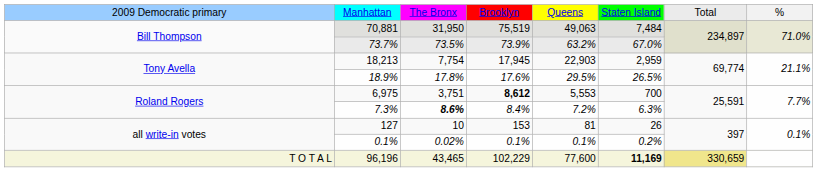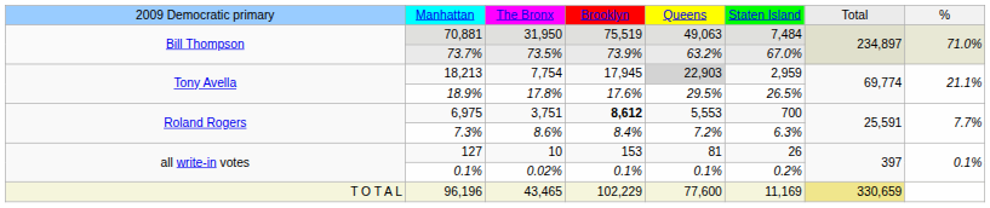 <table class="wikitable" style="width:100%; text-align:right;">
 <tr style="text-align:center;">
 <td style="width:40%; background:#9cf;">2009 Democratic primary</td>
 <td style="width:8%; background:aqua;"><a href='#'>Manhattan</a></td>
 <td style="width:8%; background:magenta;"><a href='#'>The Bronx</a></td>
 <td style="width:8%; background:red;"><a href='#'>Brooklyn</a></td>
 <td style="width:8%; background:yellow;"><a href='#'>Queens</a></td>
 <td style="width:8%; background:lime;"><a href='#'>Staten Island</a></td>
 <td style="width:10%; background:#ebebeb;">Total</td>
 <td style="width:8%; background:#f2f2f2;">%</td>
 </tr>
 <tr style="background:#e0e0dd;">
 <td style="background:#fafafa; text-align:center;" rowspan="2"><a href='#'>Bill Thompson</a></td>
 <td>70,881</td>
 <td>31,950</td>
 <td>75,519</td>
 <td>49,063</td>
 <td>7,484</td>
 <td rowspan="2" style="background:#e0e0cc;">234,897</td>
 <td rowspan="2" style="background:#e8e8d5;"><em>71.0%</em></td>
 </tr>
 <tr style="background:#eaeaea;">
 <td><em>73.7%</em></td>
 <td><em>73.5%</em></td>
 <td><em>73.9%</em></td>
 <td><em>63.2%</em></td>
 <td><em>67.0%</em></td>
 </tr>
 <tr>
 <td style="text-align:center;" rowspan="2"><a href='#'>Tony Avella</a></td>
 <td>18,213</td>
 <td>7,754</td>
 <td>17,945</td>
-<td>22,903</td>
+<td style="background: lightgrey;">22,903</td>
 <td>2,959</td>
 <td rowspan="2">69,774</td>
 <td rowspan="2" style="background:#fefefe;"><em>21.1%</em></td>
 </tr>
 <tr style="background:#fefefe;">
 <td><em>18.9%</em></td>
 <td><em>17.8%</em></td>
 <td><em>17.6%</em></td>
 <td><em>29.5%</em></td>
 <td><em>26.5%</em></td>
 </tr>
 <tr>
 <td style="text-align:center;" rowspan="2"><a href='#'>Roland Rogers</a></td>
 <td>6,975</td>
 <td>3,751</td>
 <td><strong>8,612</strong></td>
 <td>5,553</td>
 <td>700</td>
 <td rowspan="2">25,591</td>
 <td rowspan="2" style="background:#fefefe;"><em>7.7%</em></td>
 </tr>
 <tr style="background:#fefefe;">
 <td><em>7.3%</em></td>
-<td><strong><em>8.6%</em></strong></td>
+<td><em>8.6%</em></td>
 <td><em>8.4%</em></td>
 <td><em>7.2%</em></td>
 <td><em>6.3%</em></td>
 </tr>
 <tr>
 <td style="text-align:center;" rowspan="2">all <a href='#'>write-in</a> votes</td>
 <td>127</td>
 <td>10</td>
 <td>153</td>
 <td>81</td>
 <td>26</td>
 <td rowspan="2">397</td>
 <td rowspan="2" style="background:#fefefe;"><em>0.1%</em></td>
 </tr>
 <tr style="background:#fefefe;">
 <td><em>0.1%</em></td>
 <td><em>0.02%</em></td>
 <td><em>0.1%</em></td>
 <td><em>0.1%</em></td>
 <td><em>0.2%</em></td>
 </tr>
 <tr style="background:beige;">
 <td>T O T A L</td>
 <td>96,196</td>
 <td>43,465</td>
 <td>102,229</td>
 <td>77,600</td>
-<td><strong>11,169</strong></td>
+<td>11,169</td>
 <td bgcolor=khaki>330,659</td>
 <td bgcolor=fefefe> </td>
 </tr>
 </table>
